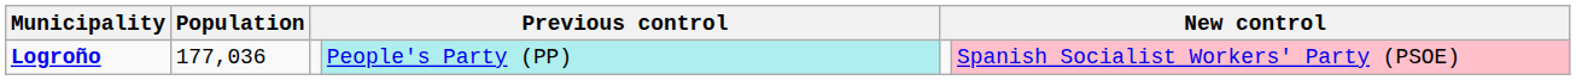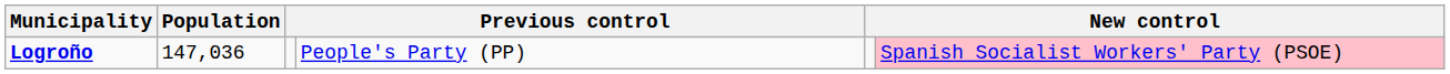 <table class="wikitable sortable">
 <tr>
 <th>Municipality</th>
 <th>Population</th>
 <th colspan="2" style="width:375px;">Previous control</th>
 <th colspan="2" style="width:375px;">New control</th>
 </tr>
 <tr>
 <td><strong><a href='#'>Logroño</a></strong></td>
-<td>177,036</td>
+<td>147,036</td>
 <td width="1" style="color:inherit;background:"></td>
-<td align="left" style="background: paleturquoise;"><a href='#'>People's Party</a> (PP)</td>
+<td align="left"><a href='#'>People's Party</a> (PP)</td>
 <td width="1" style="color:inherit;background:"></td>
 <td align="left" style="background: pink;"><a href='#'>Spanish Socialist Workers' Party</a> (PSOE)</td>
 </tr>
 </table>
